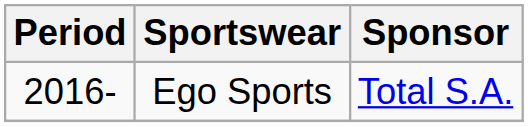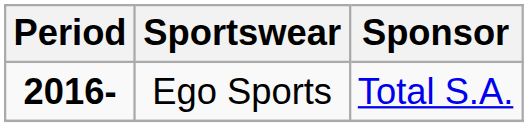 <table class="wikitable" style="text-align: center">
 <tr>
 <th>Period</th>
 <th>Sportswear</th>
 <th>Sponsor</th>
 </tr>
 <tr>
-<td>2016-</td>
+<td><strong>2016-</strong></td>
 <td> Ego Sports</td>
 <td><a href='#'>Total S.A.</a></td>
 </tr>
 <tr>
 </tr>
 </table>
